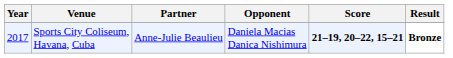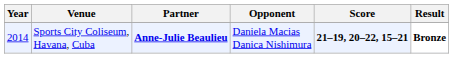 <table class="sortable wikitable" style="font-size: 90%;">
 <tr>
 <th>Year</th>
 <th>Venue</th>
 <th>Partner</th>
 <th>Opponent</th>
 <th>Score</th>
 <th>Result</th>
 </tr>
 <tr>
 </tr>
 <tr style="background:#ECF2FF">
-<td align="center"><a href='#'>2017</a></td>
+<td align="center"><a href='#'>2014</a></td>
 <td align="left"><a href='#'>Sports City Coliseum</a>,<br><a href='#'>Havana</a>, <a href='#'>Cuba</a></td>
-<td align="left"> <a href='#'>Anne-Julie Beaulieu</a></td>
+<td align="left"><strong> <a href='#'>Anne-Julie Beaulieu</a></strong></td>
 <td align="left"> <a href='#'>Daniela Macias</a><br> <a href='#'>Danica Nishimura</a></td>
 <td align="left"><strong>21–19, 20–22, 15–21</strong></td>
 <td style="text-align:left; background:white"> <strong>Bronze</strong></td>
 </tr>
 </table>
